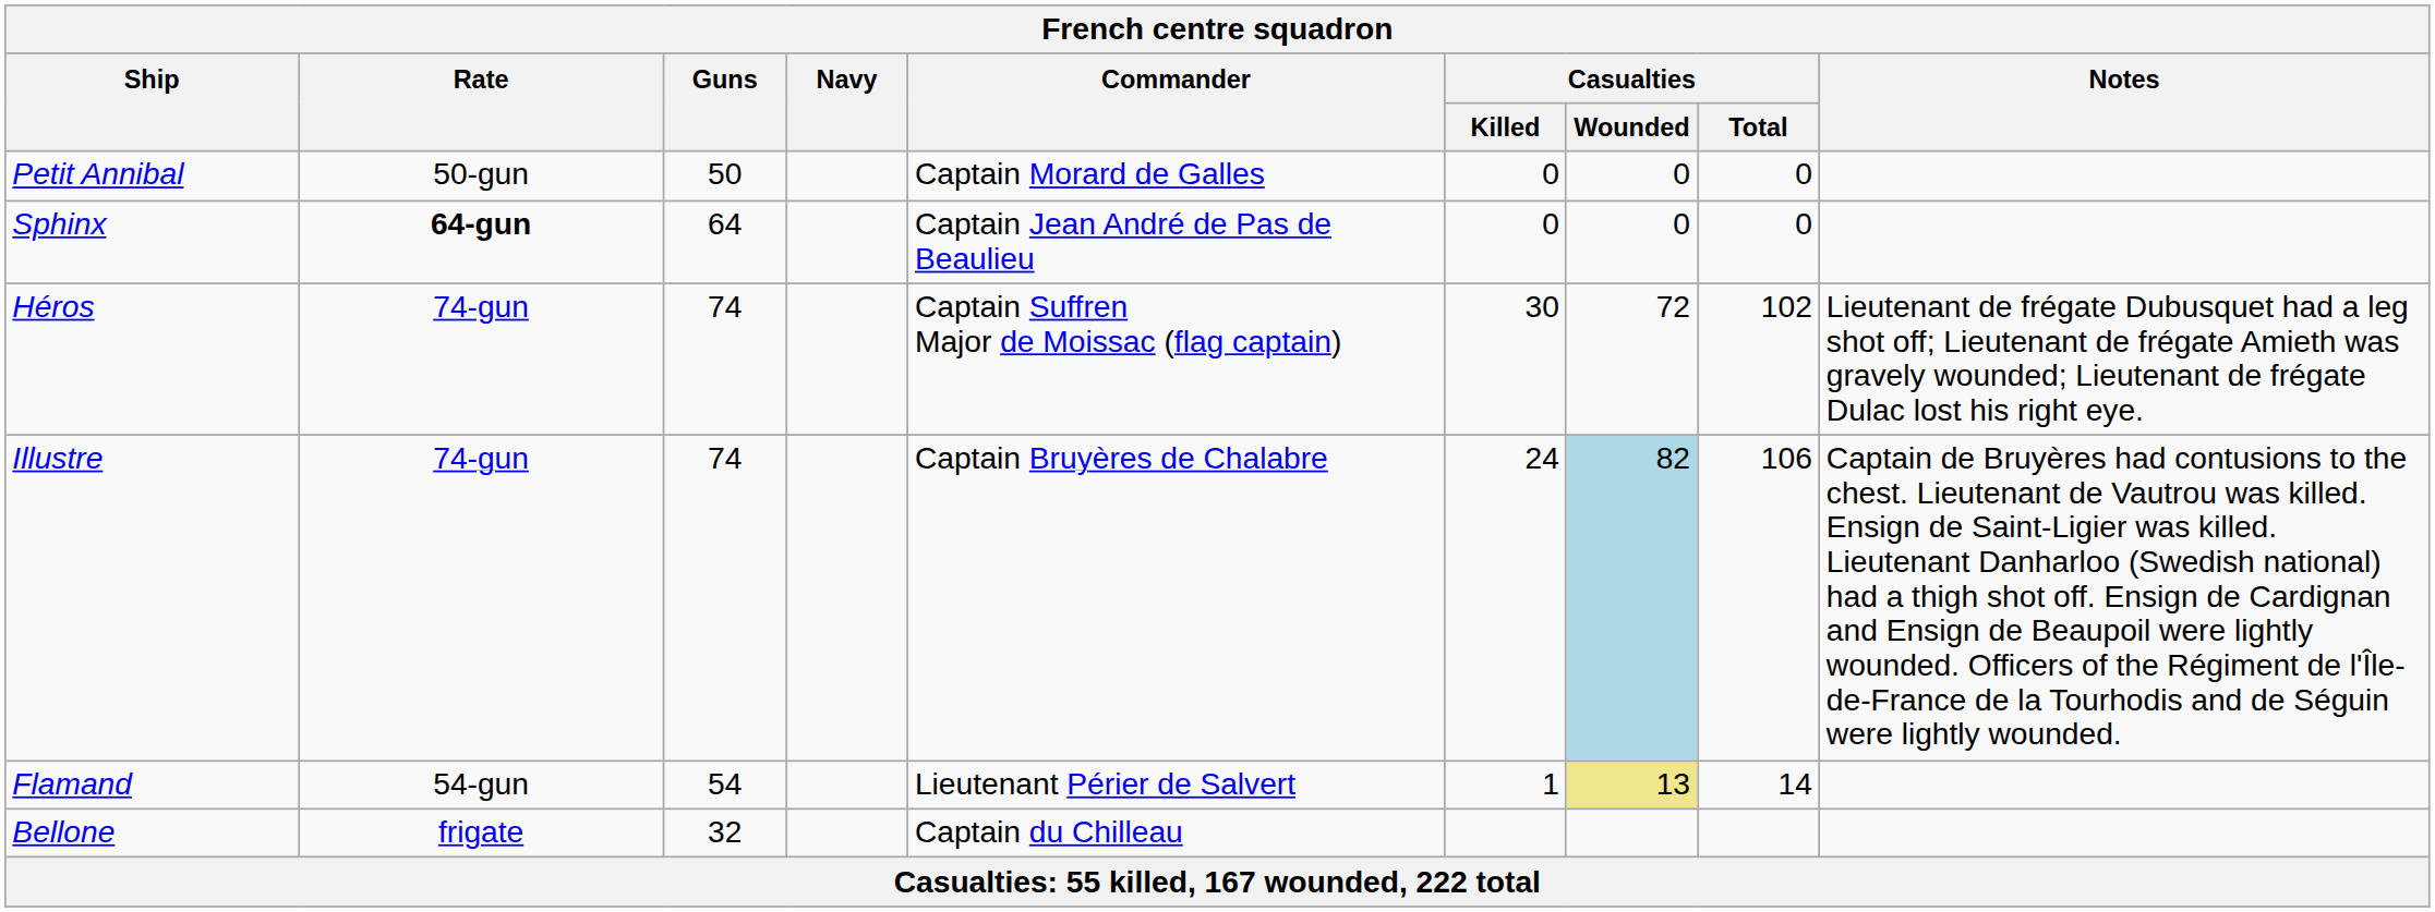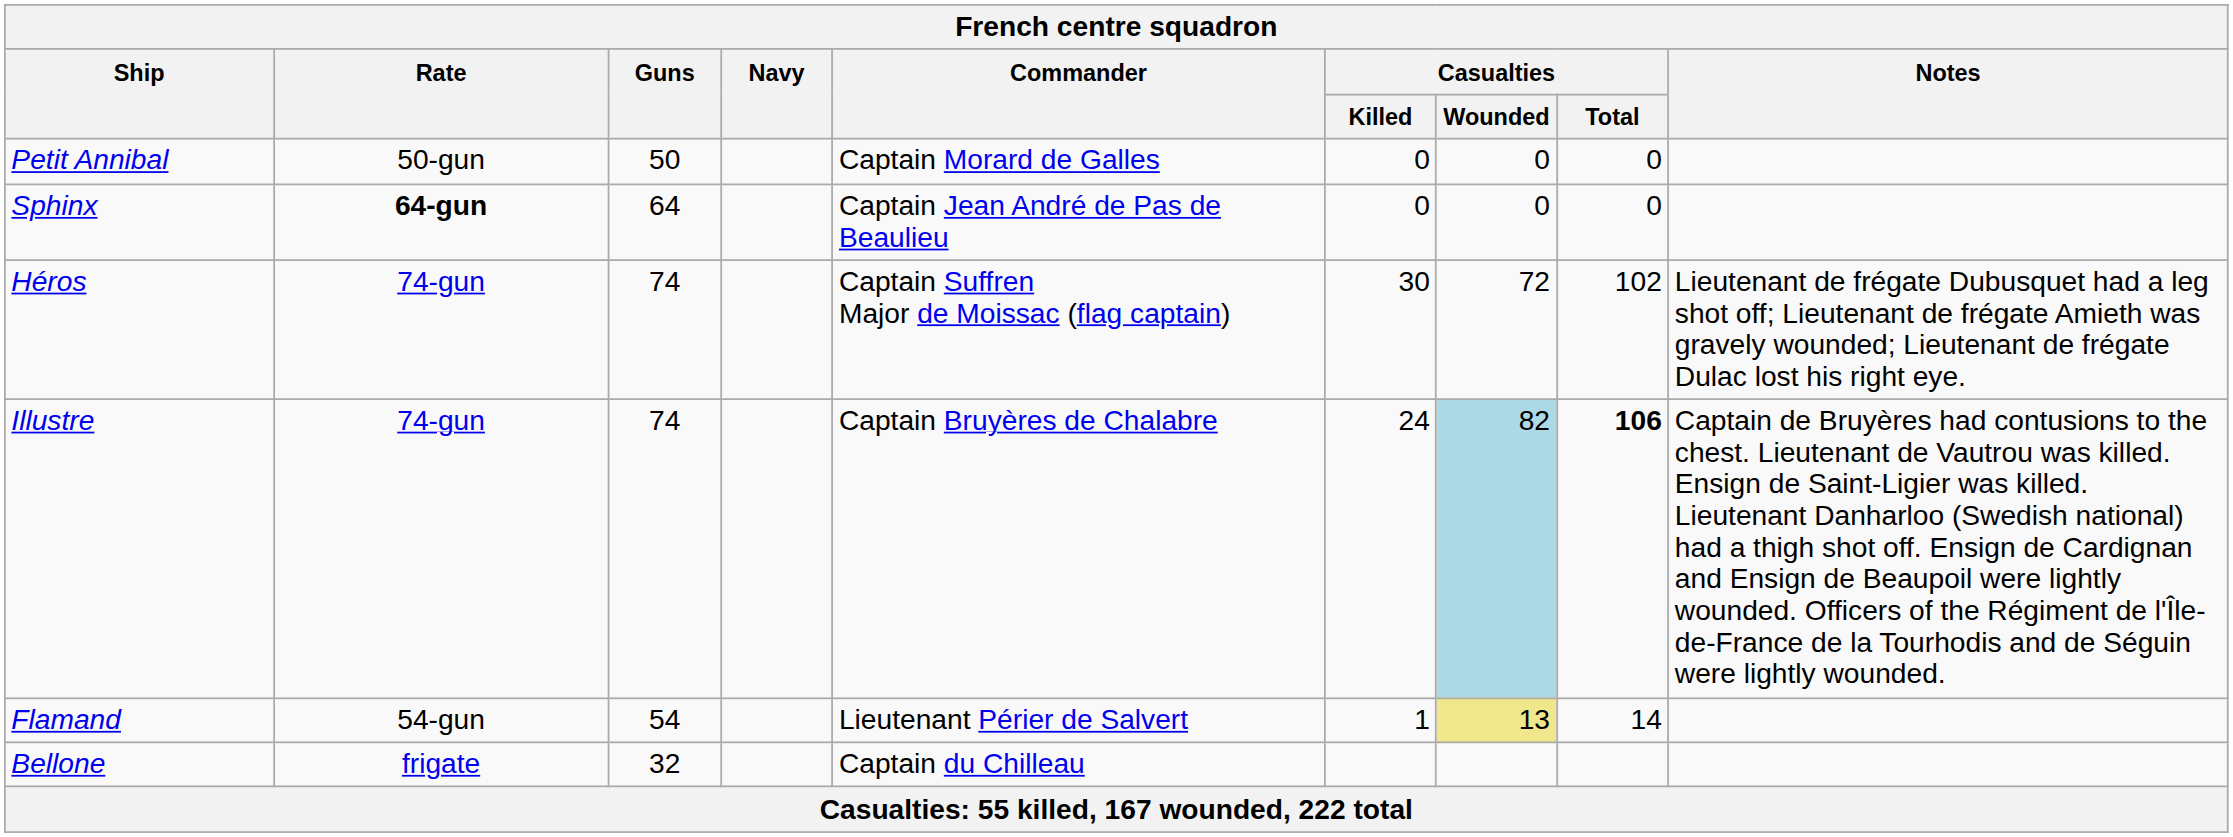 <table class="wikitable" border="1" style="width:100%;">
 <tr style="vertical-align:top;">
 <th colspan="11" bgcolor="white">French centre squadron </th>
 </tr>
 <tr valign="top"|- style="vertical-align:top;">
 <th width=12%; align= center rowspan=2><small> Ship </small></th>
 <th width=15%; align= center rowspan=2><small> Rate </small></th>
 <th width=5%; align= center rowspan=2><small> Guns </small></th>
 <th width=5%; align= center rowspan=2><small> Navy </small></th>
 <th width=22%; align= center rowspan=2><small> Commander </small></th>
 <th width=15%; align= center colspan=3><small>Casualties</small></th>
 <th width=25%; align= center rowspan=2><small>Notes</small></th>
 </tr>
 <tr style="vertical-align:top;">
 <th width=5%; align= center><small> Killed </small></th>
 <th width=5%; align= center><small> Wounded </small></th>
 <th width=5%; align= center><small> Total</small></th>
 </tr>
 <tr style="vertical-align:top;">
 <td align= left><em><a href='#'>Petit Annibal</a></em></td>
 <td align= center>50-gun</td>
 <td align= center>50</td>
 <td align= center></td>
 <td align= left>Captain <a href='#'>Morard de Galles</a></td>
 <td align= right>0</td>
 <td align= right>0</td>
 <td align= right>0</td>
 <td align= left></td>
 </tr>
 <tr style="vertical-align:top;">
 <td align= left><a href='#'><em>Sphinx</em></a></td>
 <td align= center><strong>64-gun</strong></td>
 <td align= center>64</td>
 <td align= center></td>
 <td align= left>Captain <a href='#'>Jean André de Pas de Beaulieu</a></td>
 <td align= right>0</td>
 <td align= right>0</td>
 <td align= right>0</td>
 <td align= left></td>
 </tr>
 <tr style="vertical-align:top;">
 <td align= left><em><a href='#'>Héros</a></em></td>
 <td align= center><a href='#'>74-gun</a></td>
 <td align= center>74</td>
 <td align= center></td>
 <td align= left>Captain <a href='#'>Suffren</a><br>Major <a href='#'>de Moissac</a> (<a href='#'>flag captain</a>)</td>
 <td align= right>30</td>
 <td align= right>72</td>
 <td align= right>102</td>
 <td align= left>Lieutenant de frégate Dubusquet had a leg shot off; Lieutenant de frégate Amieth was gravely wounded; Lieutenant de frégate Dulac lost his right eye. </td>
 </tr>
 <tr style="vertical-align:top;">
 <td align= left><em><a href='#'>Illustre</a></em></td>
 <td align= center><a href='#'>74-gun</a></td>
 <td align= center>74</td>
 <td align= center></td>
 <td align= left>Captain <a href='#'>Bruyères de Chalabre</a></td>
 <td align= right>24</td>
 <td align= right style="background: lightblue;">82</td>
-<td align= right>106</td>
+<td align= right><strong>106</strong></td>
 <td align= left>Captain de Bruyères had contusions to the chest. Lieutenant de Vautrou was killed. Ensign de Saint-Ligier was killed. Lieutenant Danharloo (Swedish national) had a thigh shot off. Ensign de Cardignan and Ensign de Beaupoil were lightly wounded. Officers of the Régiment de l'Île-de-France de la Tourhodis and de Séguin were lightly wounded. </td>
 </tr>
 <tr style="vertical-align:top;">
 <td align= left><em><a href='#'>Flamand</a></em></td>
 <td align= center>54-gun</td>
 <td align= center>54</td>
 <td align= center></td>
 <td align= left>Lieutenant <a href='#'>Périer de Salvert</a></td>
 <td align= right>1</td>
 <td align= right style="background: khaki;">13</td>
 <td align= right>14</td>
 <td align= left></td>
 </tr>
 <tr style="vertical-align:top;">
 <td align= left><em><a href='#'>Bellone</a></em></td>
 <td align= center><a href='#'>frigate</a></td>
 <td align= center>32</td>
 <td align= center></td>
 <td align= left>Captain <a href='#'>du Chilleau</a></td>
 <td align= right></td>
 <td align= right></td>
 <td align= right></td>
 <td align= left></td>
 </tr>
 <tr style="vertical-align:top;">
 <th colspan="11" bgcolor="white">Casualties: 55 killed, 167 wounded, 222 total </th>
 </tr>
 </table>
